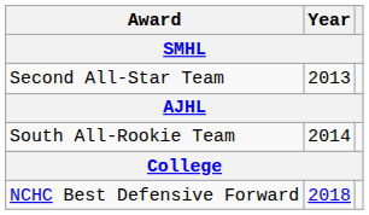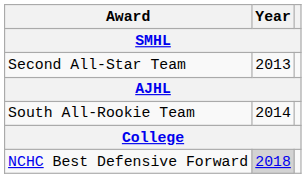 <table class="wikitable">
 <tr>
 <th>Award</th>
 <th>Year</th>
 <th></th>
 </tr>
 <tr ALIGN="center" bgcolor="#e0e0e0">
 <th colspan="3"><a href='#'>SMHL</a></th>
 </tr>
 <tr>
 <td>Second All-Star Team</td>
 <td>2013</td>
 <td></td>
 </tr>
 <tr ALIGN="center" bgcolor="#e0e0e0">
 <th colspan="3"><a href='#'>AJHL</a></th>
 </tr>
 <tr>
 <td>South All-Rookie Team</td>
 <td>2014</td>
 <td></td>
 </tr>
 <tr ALIGN="center" bgcolor="#e0e0e0">
 <th colspan="3"><a href='#'>College</a></th>
 </tr>
 <tr>
 <td><a href='#'>NCHC</a> Best Defensive Forward</td>
-<td><a href='#'>2018</a></td>
+<td style="background: lightgrey;"><a href='#'>2018</a></td>
 <td></td>
 </tr>
 </table>
